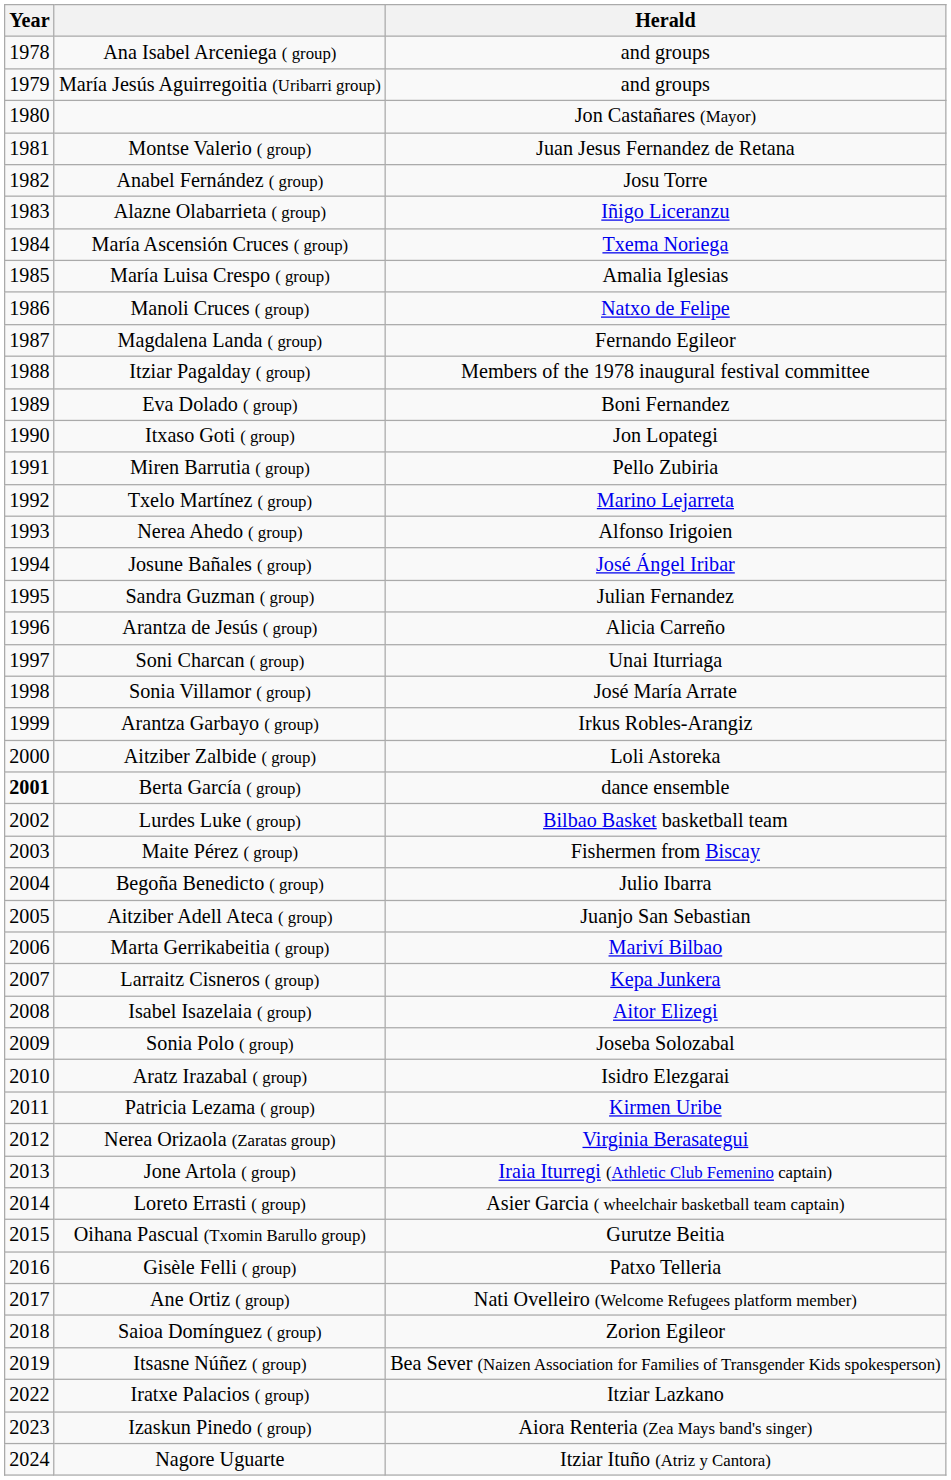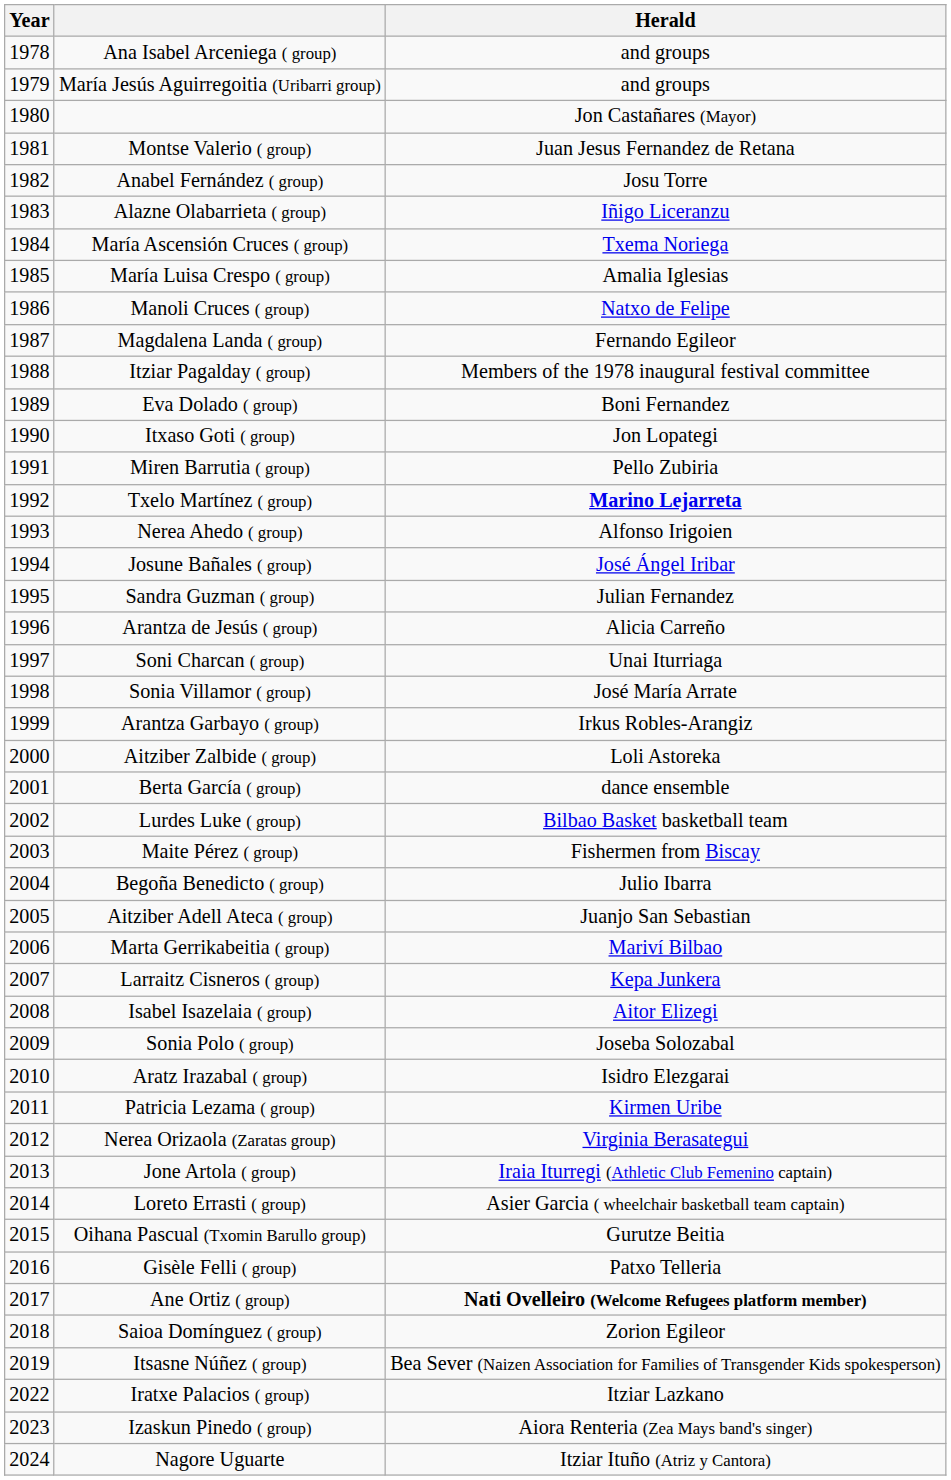 <table class="wikitable sortable plainrowheaders" style="text-align:center">
 <tr>
 <th scope="col">Year</th>
 <th></th>
 <th>Herald</th>
 </tr>
 <tr>
 <td>1978</td>
 <td>Ana Isabel Arceniega <small>( group)</small></td>
 <td> and  groups</td>
 </tr>
 <tr>
 <td>1979</td>
 <td>María Jesús Aguirregoitia <small>(Uribarri group)</small></td>
 <td> and  groups</td>
 </tr>
 <tr>
 <td>1980</td>
 <td></td>
 <td>Jon Castañares <small>(Mayor)</small></td>
 </tr>
 <tr>
 <td>1981</td>
 <td>Montse Valerio <small>( group)</small></td>
 <td>Juan Jesus Fernandez de Retana</td>
 </tr>
 <tr>
 <td>1982</td>
 <td>Anabel Fernández <small>( group)</small></td>
 <td>Josu Torre</td>
 </tr>
 <tr>
 <td>1983</td>
 <td>Alazne Olabarrieta <small>( group)</small></td>
 <td><a href='#'>Iñigo Liceranzu</a></td>
 </tr>
 <tr>
 <td>1984</td>
 <td>María Ascensión Cruces <small>( group)</small></td>
 <td><a href='#'>Txema Noriega</a></td>
 </tr>
 <tr>
 <td>1985</td>
 <td>María Luisa Crespo <small>( group)</small></td>
 <td>Amalia Iglesias</td>
 </tr>
 <tr>
 <td>1986</td>
 <td>Manoli Cruces <small>( group)</small></td>
 <td><a href='#'>Natxo de Felipe</a></td>
 </tr>
 <tr>
 <td>1987</td>
 <td>Magdalena Landa <small>( group)</small></td>
 <td>Fernando Egileor</td>
 </tr>
 <tr>
 <td>1988</td>
 <td>Itziar Pagalday <small>( group)</small></td>
 <td>Members of the 1978 inaugural festival committee</td>
 </tr>
 <tr>
 <td>1989</td>
 <td>Eva Dolado <small>( group)</small></td>
 <td>Boni Fernandez</td>
 </tr>
 <tr>
 <td>1990</td>
 <td>Itxaso Goti <small>( group)</small></td>
 <td>Jon Lopategi</td>
 </tr>
 <tr>
 <td>1991</td>
 <td>Miren Barrutia <small>( group)</small></td>
 <td>Pello Zubiria</td>
 </tr>
 <tr>
 <td>1992</td>
 <td>Txelo Martínez <small>( group)</small></td>
-<td><a href='#'>Marino Lejarreta</a></td>
+<td><strong><a href='#'>Marino Lejarreta</a></strong></td>
 </tr>
 <tr>
 <td>1993</td>
 <td>Nerea Ahedo <small>( group)</small></td>
 <td>Alfonso Irigoien</td>
 </tr>
 <tr>
 <td>1994</td>
 <td>Josune Bañales <small>( group)</small></td>
 <td><a href='#'>José Ángel Iribar</a></td>
 </tr>
 <tr>
 <td>1995</td>
 <td>Sandra Guzman <small>( group)</small></td>
 <td>Julian Fernandez</td>
 </tr>
 <tr>
 <td>1996</td>
 <td>Arantza de Jesús <small>( group)</small></td>
 <td>Alicia Carreño</td>
 </tr>
 <tr>
 <td>1997</td>
 <td>Soni Charcan <small>( group)</small></td>
 <td>Unai Iturriaga</td>
 </tr>
 <tr>
 <td>1998</td>
 <td>Sonia Villamor <small>( group)</small></td>
 <td>José María Arrate</td>
 </tr>
 <tr>
 <td>1999</td>
 <td>Arantza Garbayo <small>( group)</small></td>
 <td>Irkus Robles-Arangiz</td>
 </tr>
 <tr>
 <td>2000</td>
 <td>Aitziber Zalbide <small>( group)</small></td>
 <td>Loli Astoreka</td>
 </tr>
 <tr>
-<td><strong>2001</strong></td>
+<td>2001</td>
 <td>Berta García <small>( group)</small></td>
 <td> dance ensemble</td>
 </tr>
 <tr>
 <td>2002</td>
 <td>Lurdes Luke <small>( group)</small></td>
 <td><a href='#'>Bilbao Basket</a> basketball team</td>
 </tr>
 <tr>
 <td>2003</td>
 <td>Maite Pérez <small>( group)</small></td>
 <td>Fishermen from <a href='#'>Biscay</a></td>
 </tr>
 <tr>
 <td>2004</td>
 <td>Begoña Benedicto <small>( group)</small></td>
 <td>Julio Ibarra</td>
 </tr>
 <tr>
 <td>2005</td>
 <td>Aitziber Adell Ateca <small>( group)</small></td>
 <td>Juanjo San Sebastian</td>
 </tr>
 <tr>
 <td>2006</td>
 <td>Marta Gerrikabeitia <small>( group)</small></td>
 <td><a href='#'>Mariví Bilbao</a></td>
 </tr>
 <tr>
 <td>2007</td>
 <td>Larraitz Cisneros <small>( group)</small></td>
 <td><a href='#'>Kepa Junkera</a></td>
 </tr>
 <tr>
 <td>2008</td>
 <td>Isabel Isazelaia <small>( group)</small></td>
 <td><a href='#'>Aitor Elizegi</a></td>
 </tr>
 <tr>
 <td>2009</td>
 <td>Sonia Polo <small>( group)</small></td>
 <td>Joseba Solozabal</td>
 </tr>
 <tr>
 <td>2010</td>
 <td>Aratz Irazabal <small>( group)</small></td>
 <td>Isidro Elezgarai</td>
 </tr>
 <tr>
 <td>2011</td>
 <td>Patricia Lezama <small>( group)</small></td>
 <td><a href='#'>Kirmen Uribe</a></td>
 </tr>
 <tr>
 <td>2012</td>
 <td>Nerea Orizaola <small>(Zaratas group)</small></td>
 <td><a href='#'>Virginia Berasategui</a></td>
 </tr>
 <tr>
 <td>2013</td>
 <td>Jone Artola <small>( group)</small></td>
 <td><a href='#'>Iraia Iturregi</a> <small>(<a href='#'>Athletic Club Femenino</a> captain)</small></td>
 </tr>
 <tr>
 <td>2014</td>
 <td>Loreto Errasti <small>( group)</small></td>
 <td>Asier Garcia <small>( wheelchair basketball team captain)</small></td>
 </tr>
 <tr>
 <td>2015</td>
 <td>Oihana Pascual <small>(Txomin Barullo group)</small></td>
 <td>Gurutze Beitia</td>
 </tr>
 <tr>
 <td>2016</td>
 <td>Gisèle Felli <small>( group)</small></td>
 <td>Patxo Telleria</td>
 </tr>
 <tr>
 <td>2017</td>
 <td>Ane Ortiz <small>( group)</small></td>
-<td>Nati Ovelleiro <small>(Welcome Refugees platform member)</small></td>
+<td><strong>Nati Ovelleiro <small>(Welcome Refugees platform member)</small></strong></td>
 </tr>
 <tr>
 <td>2018</td>
 <td>Saioa Domínguez <small>( group)</small></td>
 <td>Zorion Egileor</td>
 </tr>
 <tr>
 <td>2019</td>
 <td>Itsasne Núñez <small>( group)</small></td>
 <td>Bea Sever <small>(Naizen Association for Families of Transgender Kids spokesperson)</small></td>
 </tr>
 <tr>
 <td>2022</td>
 <td>Iratxe Palacios <small>( group)</small></td>
 <td>Itziar Lazkano</td>
 </tr>
 <tr>
 <td>2023</td>
 <td>Izaskun Pinedo <small>( group)</small></td>
 <td>Aiora Renteria <small>(Zea Mays band's singer)</small></td>
 </tr>
 <tr>
 <td>2024</td>
 <td>Nagore Uguarte</td>
 <td>Itziar Ituño <small>(Atriz y Cantora)</small></td>
 </tr>
 </table>
